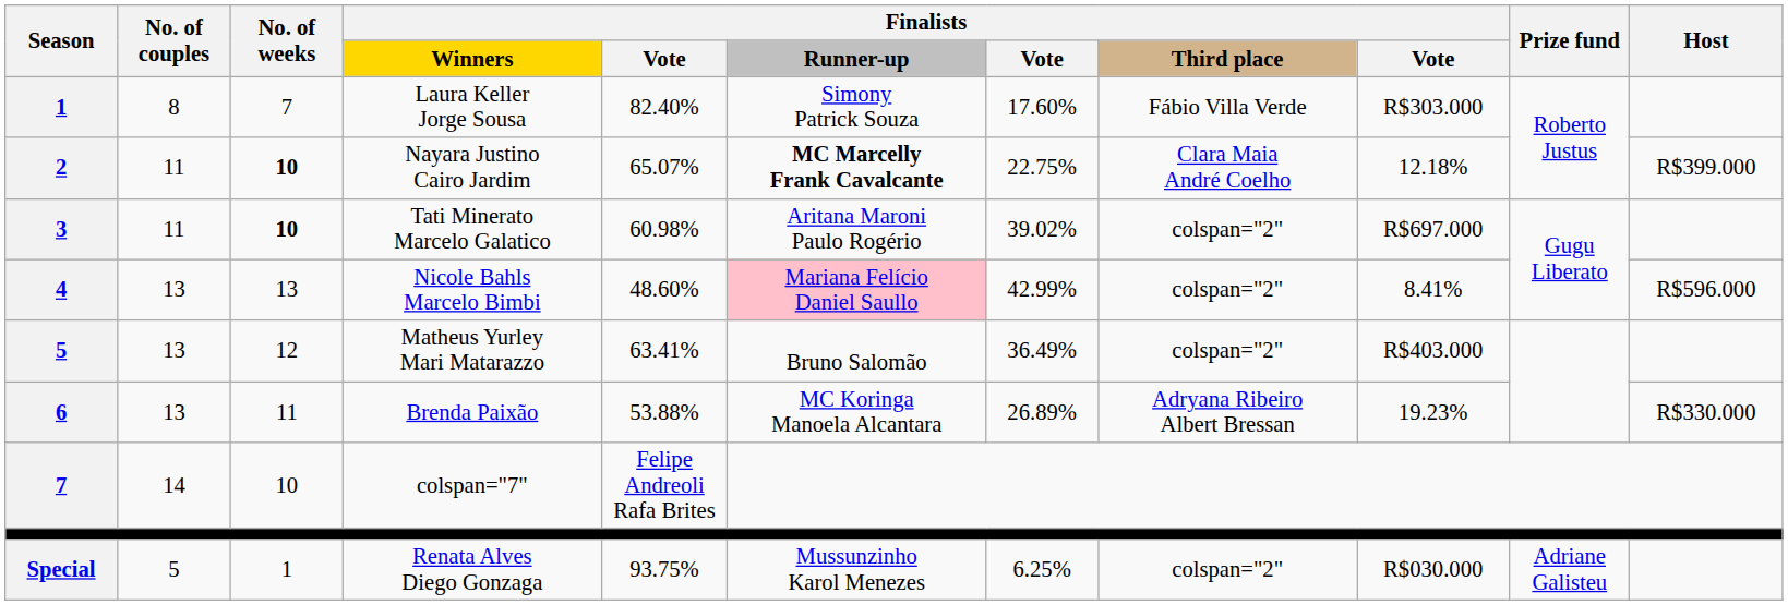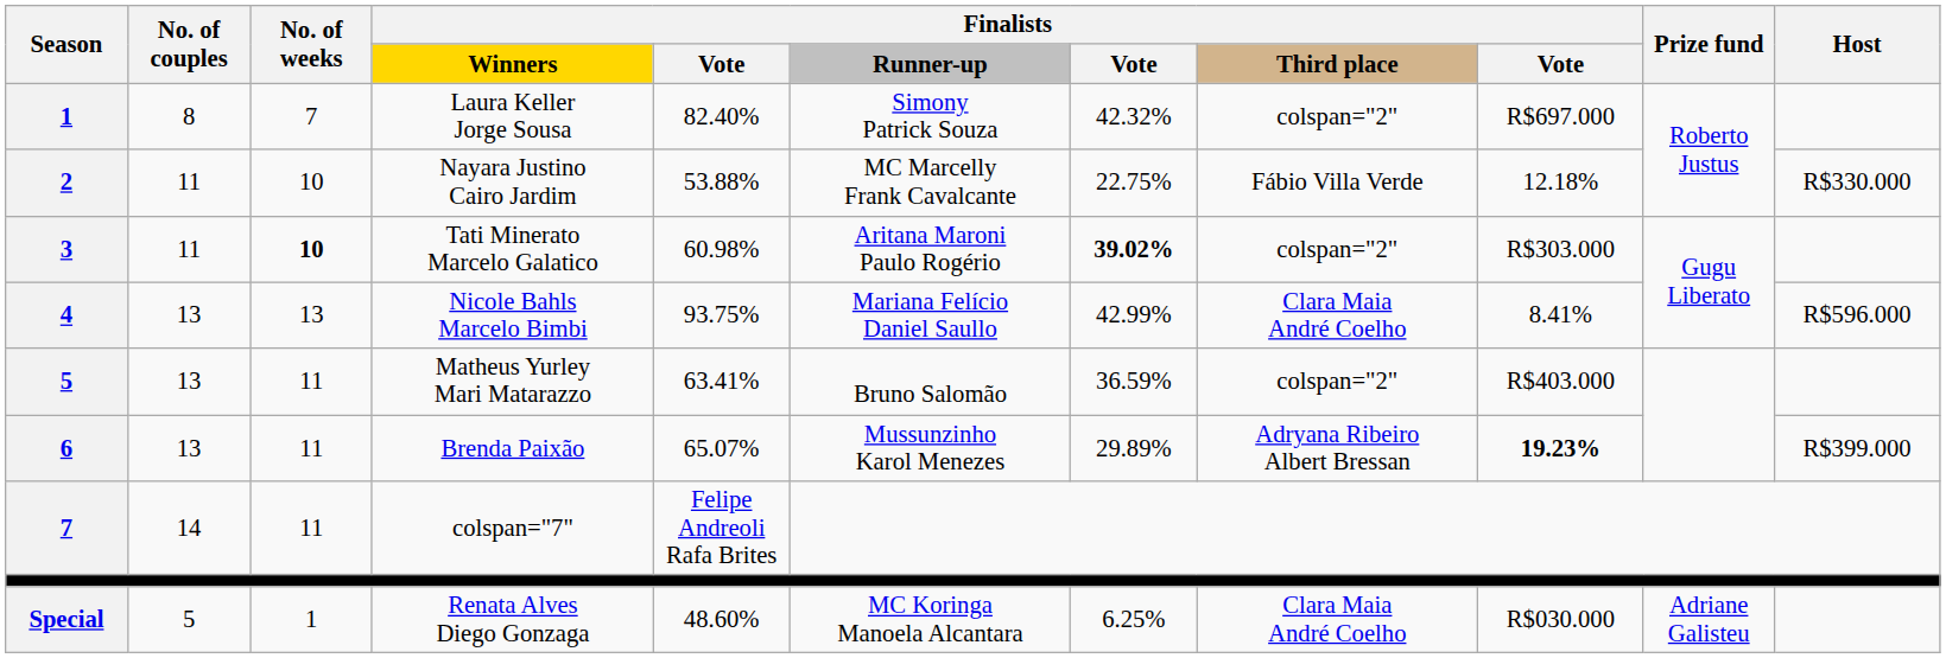 <table class="wikitable" style="text-align:center; width:100%;">
 <tr>
 <th rowspan=2 width=50>Season</th>
 <th rowspan=2 width=50>No. of couples</th>
 <th rowspan=2 width=50>No. of weeks</th>
 <th colspan=6>Finalists</th>
 <th rowspan=2 width=15>Prize fund</th>
 <th rowspan=2 width=15>Host</th>
 </tr>
 <tr>
 <td width=125 bgcolor="FFD700"><strong>Winners</strong></td>
 <th width=50>Vote</th>
 <td width=125 bgcolor="C0C0C0"><strong>Runner-up</strong></td>
 <th width=50>Vote</th>
 <td width=125 bgcolor="D2B48C"><strong>Third place</strong></td>
 <th width=50>Vote</th>
 </tr>
 <tr>
 <th><a href='#'>1</a></th>
 <td>8</td>
 <td>7</td>
 <td>Laura Keller<br>Jorge Sousa</td>
 <td>82.40%<br></td>
 <td><a href='#'>Simony</a><br>Patrick Souza</td>
-<td>17.60%<br></td>
-<td>Fábio Villa Verde<br></td>
-<td>R$303.000</td>
+<td>42.32%<br></td>
+<td>colspan="2" </td>
+<td>R$697.000</td>
 <td rowspan=2><a href='#'>Roberto Justus</a></td>
 </tr>
 <tr>
 <th><a href='#'>2</a></th>
 <td>11</td>
-<td><strong>10</strong></td>
+<td>10</td>
 <td>Nayara Justino<br>Cairo Jardim</td>
-<td>65.07%<br></td>
-<td><strong>MC Marcelly<br>Frank Cavalcante</strong></td>
+<td>53.88%<br></td>
+<td>MC Marcelly<br>Frank Cavalcante</td>
 <td>22.75%<br></td>
-<td><a href='#'>Clara Maia</a><br><a href='#'>André Coelho</a></td>
+<td>Fábio Villa Verde<br></td>
 <td>12.18%<br></td>
-<td>R$399.000</td>
+<td>R$330.000</td>
 </tr>
 <tr>
 <th><a href='#'>3</a></th>
 <td>11</td>
 <td><strong>10</strong></td>
 <td>Tati Minerato<br>Marcelo Galatico</td>
 <td>60.98%<br></td>
 <td><a href='#'>Aritana Maroni</a><br>Paulo Rogério</td>
-<td>39.02%<br></td>
+<td><strong>39.02%<br></strong></td>
 <td>colspan="2" </td>
-<td>R$697.000</td>
+<td>R$303.000</td>
 <td rowspan=2><a href='#'>Gugu Liberato</a></td>
 </tr>
 <tr>
 <th><a href='#'>4</a></th>
 <td>13</td>
 <td>13</td>
 <td><a href='#'>Nicole Bahls</a><br><a href='#'>Marcelo Bimbi</a></td>
-<td>48.60%<br></td>
-<td style="background: pink;"><a href='#'>Mariana Felício</a><br><a href='#'>Daniel Saullo</a></td>
+<td>93.75%<br></td>
+<td><a href='#'>Mariana Felício</a><br><a href='#'>Daniel Saullo</a></td>
 <td>42.99%<br></td>
-<td>colspan="2" </td>
+<td><a href='#'>Clara Maia</a><br><a href='#'>André Coelho</a></td>
 <td>8.41%<br></td>
 <td>R$596.000</td>
 </tr>
 <tr>
 <th><a href='#'>5</a></th>
 <td>13</td>
-<td>12</td>
+<td>11</td>
 <td>Matheus Yurley<br>Mari Matarazzo</td>
 <td>63.41%<br></td>
 <td><br>Bruno Salomão</td>
-<td>36.49%<br></td>
+<td>36.59%<br></td>
 <td>colspan="2" </td>
 <td>R$403.000</td>
 <td rowspan=2></td>
 </tr>
 <tr>
 <th><a href='#'>6</a></th>
 <td>13</td>
 <td>11</td>
 <td><a href='#'>Brenda Paixão</a><br></td>
-<td>53.88%<br></td>
-<td><a href='#'>MC Koringa</a><br>Manoela Alcantara</td>
-<td>26.89%<br></td>
+<td>65.07%<br></td>
+<td><a href='#'>Mussunzinho</a><br>Karol Menezes</td>
+<td>29.89%<br></td>
 <td><a href='#'>Adryana Ribeiro</a><br>Albert Bressan</td>
-<td>19.23%<br></td>
-<td>R$330.000</td>
+<td><strong>19.23%<br></strong></td>
+<td>R$399.000</td>
 </tr>
 <tr>
 <th><a href='#'>7</a></th>
 <td>14</td>
-<td>10</td>
+<td>11</td>
 <td>colspan="7" </td>
 <td><a href='#'>Felipe Andreoli</a><br>Rafa Brites</td>
 </tr>
 <tr>
 <td bgcolor="black" colspan="11"></td>
 </tr>
 <tr>
 <th><a href='#'>Special</a></th>
 <td>5</td>
 <td>1</td>
 <td><a href='#'>Renata Alves</a><br>Diego Gonzaga</td>
-<td>93.75%<br></td>
-<td><a href='#'>Mussunzinho</a><br>Karol Menezes</td>
+<td>48.60%<br></td>
+<td><a href='#'>MC Koringa</a><br>Manoela Alcantara</td>
 <td>6.25%<br></td>
-<td>colspan="2" </td>
+<td><a href='#'>Clara Maia</a><br><a href='#'>André Coelho</a></td>
 <td>R$030.000</td>
 <td rowspan=2><a href='#'>Adriane Galisteu</a></td>
 </tr>
 </table>
